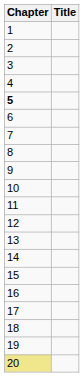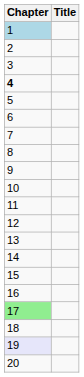 <table class="wikitable">
 <tr>
 <th>Chapter</th>
 <th>Title</th>
 </tr>
 <tr>
-<td>1</td>
+<td style="background: lightblue;">1</td>
 <td></td>
 </tr>
 <tr>
 <td>2</td>
 <td></td>
 </tr>
 <tr>
 <td>3</td>
 <td></td>
 </tr>
 <tr>
-<td>4</td>
+<td><strong>4</strong></td>
 <td></td>
 </tr>
 <tr>
-<td><strong>5</strong></td>
+<td>5</td>
 <td></td>
 </tr>
 <tr>
 <td>6</td>
 <td></td>
 </tr>
 <tr>
 <td>7</td>
 <td></td>
 </tr>
 <tr>
 <td>8</td>
 <td></td>
 </tr>
 <tr>
 <td>9</td>
 <td></td>
 </tr>
 <tr>
 <td>10</td>
 <td></td>
 </tr>
 <tr>
 <td>11</td>
 <td></td>
 </tr>
 <tr>
 <td>12</td>
 <td></td>
 </tr>
 <tr>
 <td>13</td>
 <td></td>
 </tr>
 <tr>
 <td>14</td>
 <td></td>
 </tr>
 <tr>
 <td>15</td>
 <td></td>
 </tr>
 <tr>
 <td>16</td>
 <td></td>
 </tr>
 <tr>
-<td>17</td>
+<td style="background: lightgreen;">17</td>
 <td></td>
 </tr>
 <tr>
 <td>18</td>
 <td></td>
 </tr>
 <tr>
-<td>19</td>
+<td style="background: lavender;">19</td>
 <td></td>
 </tr>
 <tr>
-<td style="background: khaki;">20</td>
+<td>20</td>
 <td></td>
 </tr>
 </table>
